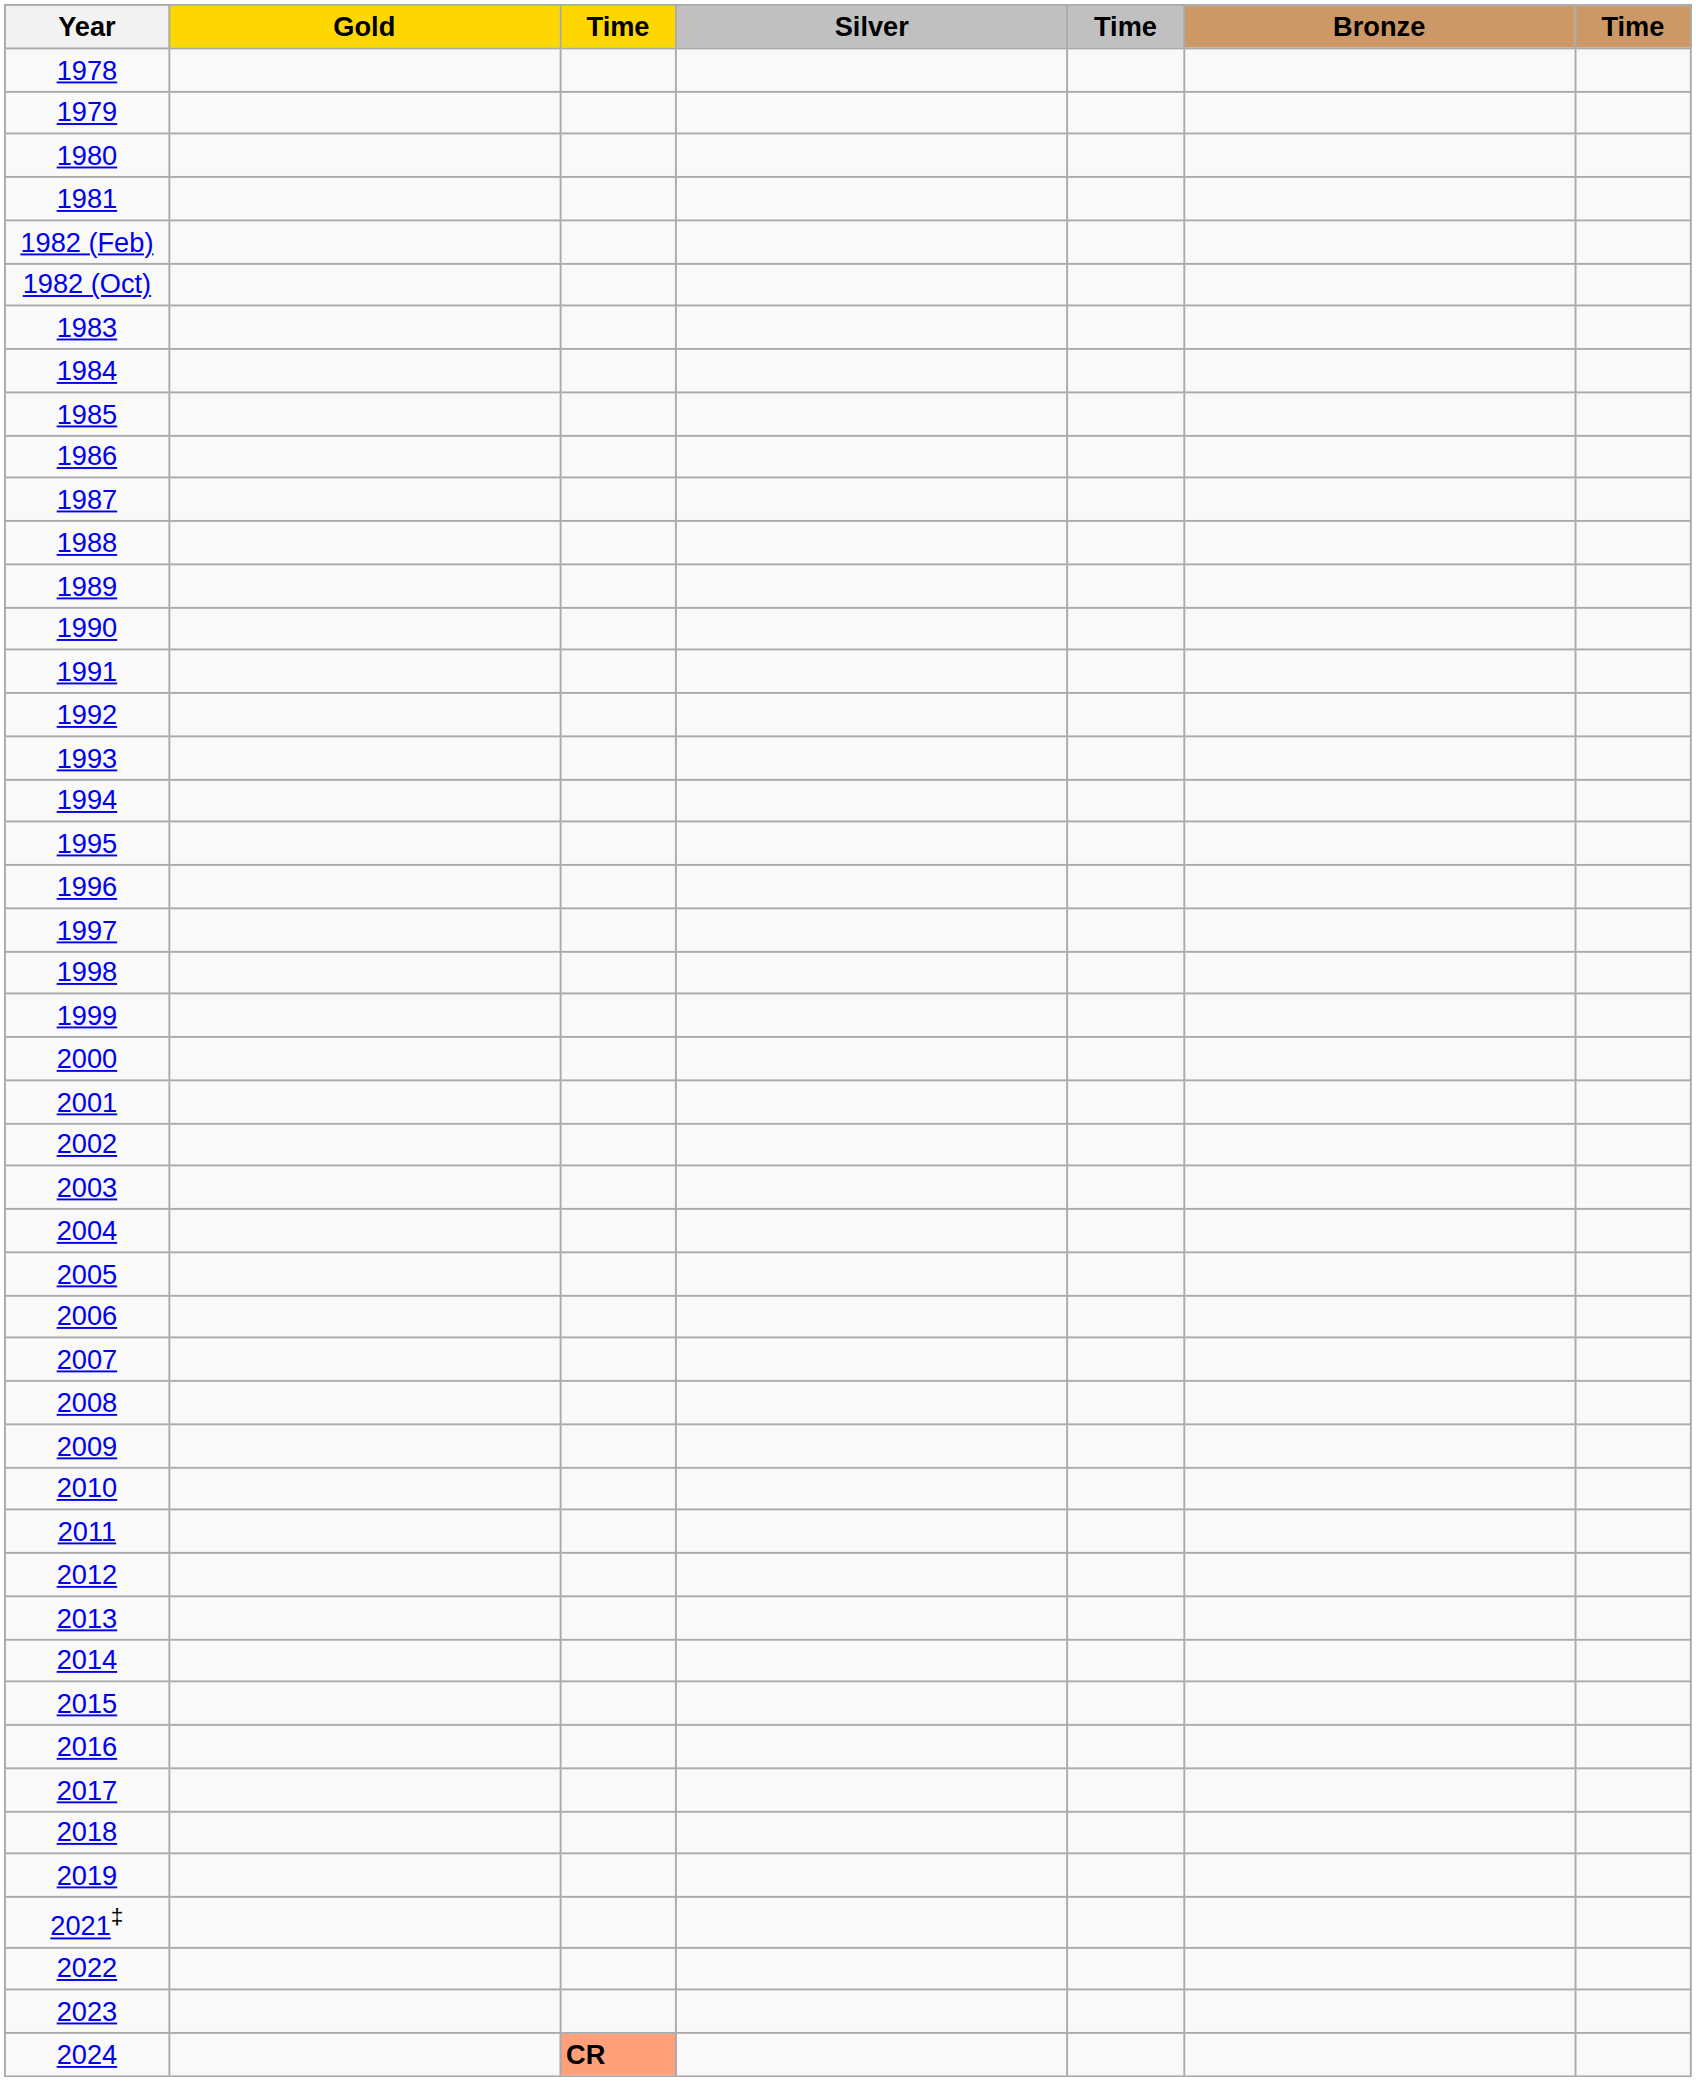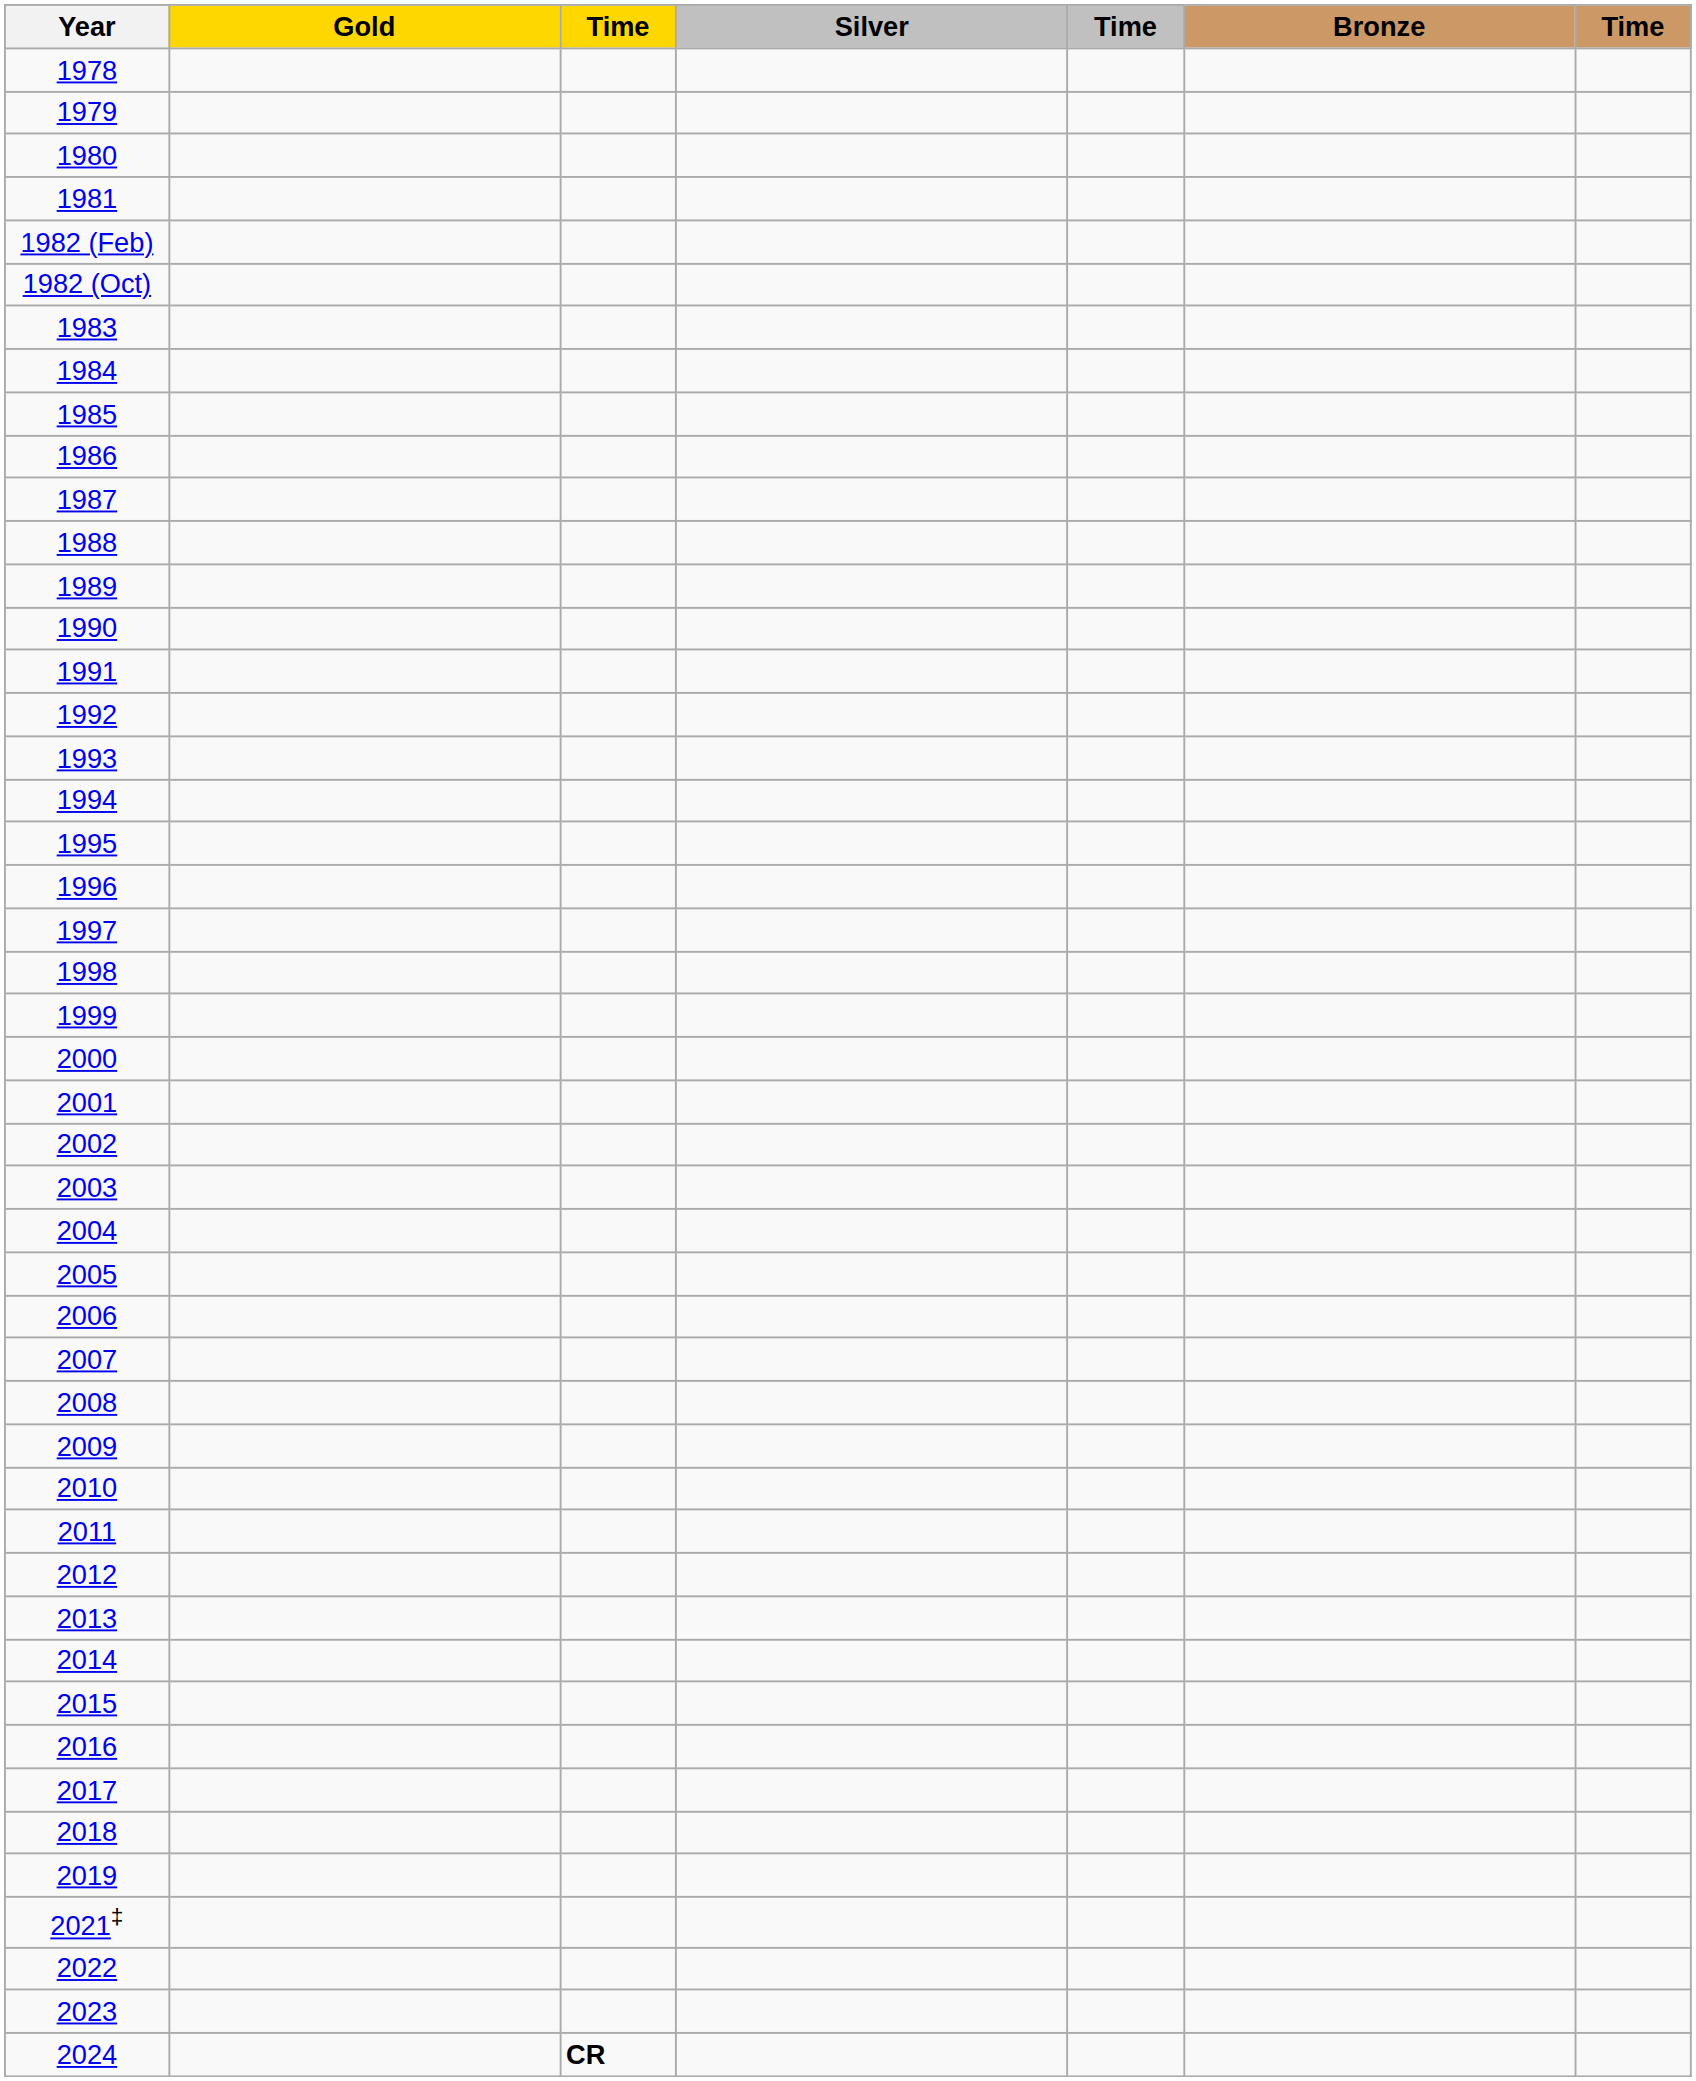 <table class="wikitable sortable" style="font-size:90%">
 <tr>
 <th width="80">Year</th>
 <th width="200" style="background-color:gold">Gold</th>
 <th width="55"  style="background-color:gold">Time</th>
 <th width="200" style="background-color:silver">Silver</th>
 <th width="55"  style="background-color:silver">Time</th>
 <th width="200" style="background-color:#cc9966">Bronze</th>
 <th width="55"  style="background-color:#cc9966">Time</th>
 </tr>
 <tr>
 <td align="center"><a href='#'>1978</a></td>
 <td></td>
 <td></td>
 <td></td>
 <td></td>
 <td></td>
 <td></td>
 </tr>
 <tr>
 <td align="center"><a href='#'>1979</a></td>
 <td></td>
 <td></td>
 <td></td>
 <td></td>
 <td></td>
 <td></td>
 </tr>
 <tr>
 <td align="center"><a href='#'>1980</a></td>
 <td></td>
 <td></td>
 <td></td>
 <td></td>
 <td></td>
 <td></td>
 </tr>
 <tr>
 <td align="center"><a href='#'>1981</a></td>
 <td></td>
 <td></td>
 <td></td>
 <td></td>
 <td></td>
 <td></td>
 </tr>
 <tr>
 <td align="center"><a href='#'>1982 (Feb)</a></td>
 <td></td>
 <td></td>
 <td></td>
 <td></td>
 <td></td>
 <td></td>
 </tr>
 <tr>
 <td align="center"><a href='#'>1982 (Oct)</a></td>
 <td></td>
 <td></td>
 <td></td>
 <td></td>
 <td></td>
 <td></td>
 </tr>
 <tr>
 <td align="center"><a href='#'>1983</a></td>
 <td></td>
 <td></td>
 <td></td>
 <td></td>
 <td></td>
 <td></td>
 </tr>
 <tr>
 <td align="center"><a href='#'>1984</a></td>
 <td></td>
 <td></td>
 <td></td>
 <td></td>
 <td></td>
 <td></td>
 </tr>
 <tr>
 <td align="center"><a href='#'>1985</a></td>
 <td></td>
 <td></td>
 <td></td>
 <td></td>
 <td></td>
 <td></td>
 </tr>
 <tr>
 <td align="center"><a href='#'>1986</a></td>
 <td></td>
 <td></td>
 <td></td>
 <td></td>
 <td></td>
 <td></td>
 </tr>
 <tr>
 <td align="center"><a href='#'>1987</a></td>
 <td></td>
 <td></td>
 <td></td>
 <td></td>
 <td></td>
 <td></td>
 </tr>
 <tr>
 <td align="center"><a href='#'>1988</a></td>
 <td></td>
 <td></td>
 <td></td>
 <td></td>
 <td></td>
 <td></td>
 </tr>
 <tr>
 <td align="center"><a href='#'>1989</a></td>
 <td></td>
 <td></td>
 <td></td>
 <td></td>
 <td></td>
 <td></td>
 </tr>
 <tr>
 <td align="center"><a href='#'>1990</a></td>
 <td></td>
 <td></td>
 <td></td>
 <td></td>
 <td></td>
 <td></td>
 </tr>
 <tr>
 <td align="center"><a href='#'>1991</a></td>
 <td></td>
 <td></td>
 <td></td>
 <td></td>
 <td></td>
 <td></td>
 </tr>
 <tr>
 <td align="center"><a href='#'>1992</a></td>
 <td></td>
 <td></td>
 <td></td>
 <td></td>
 <td></td>
 <td></td>
 </tr>
 <tr>
 <td align="center"><a href='#'>1993</a></td>
 <td></td>
 <td></td>
 <td></td>
 <td></td>
 <td></td>
 <td></td>
 </tr>
 <tr>
 <td align="center"><a href='#'>1994</a></td>
 <td></td>
 <td></td>
 <td></td>
 <td></td>
 <td></td>
 <td></td>
 </tr>
 <tr>
 <td align="center"><a href='#'>1995</a></td>
 <td></td>
 <td></td>
 <td></td>
 <td></td>
 <td></td>
 <td></td>
 </tr>
 <tr>
 <td align="center"><a href='#'>1996</a></td>
 <td></td>
 <td></td>
 <td></td>
 <td></td>
 <td></td>
 <td></td>
 </tr>
 <tr>
 <td align="center"><a href='#'>1997</a></td>
 <td></td>
 <td></td>
 <td></td>
 <td></td>
 <td></td>
 <td></td>
 </tr>
 <tr>
 <td align="center"><a href='#'>1998</a></td>
 <td></td>
 <td></td>
 <td></td>
 <td></td>
 <td></td>
 <td></td>
 </tr>
 <tr>
 <td align="center"><a href='#'>1999</a></td>
 <td></td>
 <td></td>
 <td></td>
 <td></td>
 <td></td>
 <td></td>
 </tr>
 <tr>
 <td align="center"><a href='#'>2000</a></td>
 <td></td>
 <td></td>
 <td></td>
 <td></td>
 <td></td>
 <td></td>
 </tr>
 <tr>
 <td align="center"><a href='#'>2001</a></td>
 <td></td>
 <td></td>
 <td></td>
 <td></td>
 <td></td>
 <td></td>
 </tr>
 <tr>
 <td align="center"><a href='#'>2002</a></td>
 <td></td>
 <td></td>
 <td></td>
 <td></td>
 <td></td>
 <td></td>
 </tr>
 <tr>
 <td align="center"><a href='#'>2003</a></td>
 <td></td>
 <td></td>
 <td></td>
 <td></td>
 <td></td>
 <td></td>
 </tr>
 <tr>
 <td align="center"><a href='#'>2004</a></td>
 <td></td>
 <td></td>
 <td></td>
 <td></td>
 <td></td>
 <td></td>
 </tr>
 <tr>
 <td align="center"><a href='#'>2005</a></td>
 <td></td>
 <td></td>
 <td></td>
 <td></td>
 <td></td>
 <td></td>
 </tr>
 <tr>
 <td align="center"><a href='#'>2006</a></td>
 <td></td>
 <td></td>
 <td></td>
 <td></td>
 <td></td>
 <td></td>
 </tr>
 <tr>
 <td align="center"><a href='#'>2007</a></td>
 <td></td>
 <td></td>
 <td></td>
 <td></td>
 <td></td>
 <td></td>
 </tr>
 <tr>
 <td align="center"><a href='#'>2008</a></td>
 <td></td>
 <td></td>
 <td></td>
 <td></td>
 <td></td>
 <td></td>
 </tr>
 <tr>
 <td align="center"><a href='#'>2009</a></td>
 <td></td>
 <td></td>
 <td></td>
 <td></td>
 <td></td>
 <td></td>
 </tr>
 <tr>
 <td align="center"><a href='#'>2010</a></td>
 <td></td>
 <td></td>
 <td></td>
 <td></td>
 <td></td>
 <td></td>
 </tr>
 <tr>
 <td align="center"><a href='#'>2011</a></td>
 <td></td>
 <td></td>
 <td></td>
 <td></td>
 <td></td>
 <td></td>
 </tr>
 <tr>
 <td align="center"><a href='#'>2012</a></td>
 <td></td>
 <td></td>
 <td></td>
 <td></td>
 <td></td>
 <td></td>
 </tr>
 <tr>
 <td align="center"><a href='#'>2013</a></td>
 <td></td>
 <td></td>
 <td></td>
 <td></td>
 <td></td>
 <td></td>
 </tr>
 <tr>
 <td align="center"><a href='#'>2014</a></td>
 <td></td>
 <td></td>
 <td></td>
 <td></td>
 <td></td>
 <td></td>
 </tr>
 <tr>
 <td align="center"><a href='#'>2015</a></td>
 <td></td>
 <td></td>
 <td></td>
 <td></td>
 <td></td>
 <td></td>
 </tr>
 <tr>
 <td align="center"><a href='#'>2016</a></td>
 <td></td>
 <td></td>
 <td></td>
 <td></td>
 <td></td>
 <td></td>
 </tr>
 <tr>
 <td align="center"><a href='#'>2017</a></td>
 <td></td>
 <td></td>
 <td></td>
 <td></td>
 <td></td>
 <td></td>
 </tr>
 <tr>
 <td align="center"><a href='#'>2018</a></td>
 <td></td>
 <td></td>
 <td></td>
 <td></td>
 <td></td>
 <td></td>
 </tr>
 <tr>
 <td align="center"><a href='#'>2019</a></td>
 <td></td>
 <td></td>
 <td></td>
 <td></td>
 <td></td>
 <td></td>
 </tr>
 <tr>
 <td align="center"><a href='#'>2021</a><sup>‡</sup></td>
 <td></td>
 <td></td>
 <td></td>
 <td></td>
 <td></td>
 <td></td>
 </tr>
 <tr>
 <td align="center"><a href='#'>2022</a></td>
 <td></td>
 <td></td>
 <td></td>
 <td></td>
 <td></td>
 <td></td>
 </tr>
 <tr>
 <td align="center"><a href='#'>2023</a></td>
 <td></td>
 <td></td>
 <td></td>
 <td></td>
 <td></td>
 <td></td>
 </tr>
 <tr>
 <td align="center"><a href='#'>2024</a></td>
 <td></td>
-<td style="background: lightsalmon;"> <strong>CR</strong></td>
+<td> <strong>CR</strong></td>
 <td></td>
 <td></td>
 <td></td>
 <td></td>
 </tr>
 </table>
